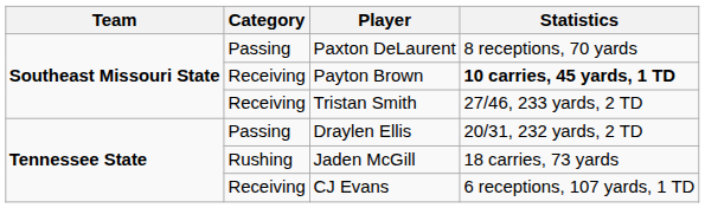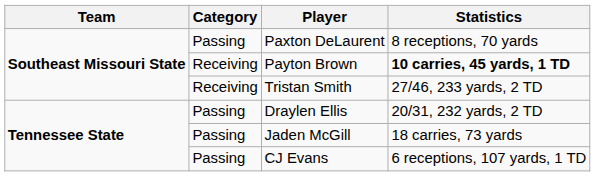 <table class="wikitable" style="float: right;">
 <tr>
 <th>Team</th>
 <th>Category</th>
 <th>Player</th>
 <th>Statistics</th>
 </tr>
 <tr>
 <td rowspan=3><strong>Southeast Missouri State</strong></td>
 <td>Passing</td>
 <td>Paxton DeLaurent</td>
 <td>8 receptions, 70 yards</td>
 </tr>
 <tr>
 <td>Receiving</td>
 <td>Payton Brown</td>
 <td><strong>10 carries, 45 yards, 1 TD</strong></td>
 </tr>
 <tr>
 <td>Receiving</td>
 <td>Tristan Smith</td>
 <td>27/46, 233 yards, 2 TD</td>
 </tr>
 <tr>
 <td rowspan=3><strong>Tennessee State</strong></td>
 <td>Passing</td>
 <td>Draylen Ellis</td>
 <td>20/31, 232 yards, 2 TD</td>
 </tr>
 <tr>
-<td>Rushing</td>
+<td>Passing</td>
 <td>Jaden McGill</td>
 <td>18 carries, 73 yards</td>
 </tr>
 <tr>
-<td>Receiving</td>
+<td>Passing</td>
 <td>CJ Evans</td>
 <td>6 receptions, 107 yards, 1 TD</td>
 </tr>
 </table>
